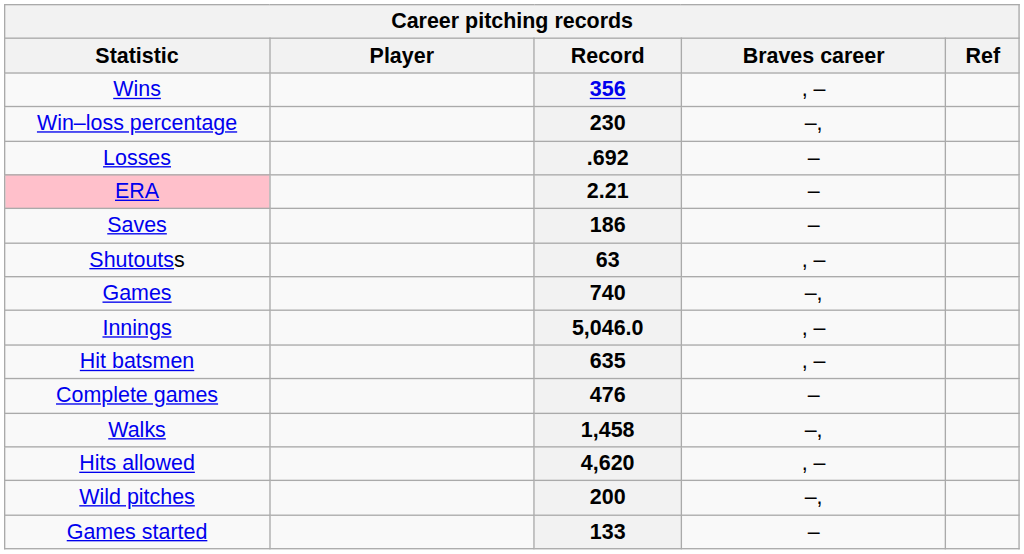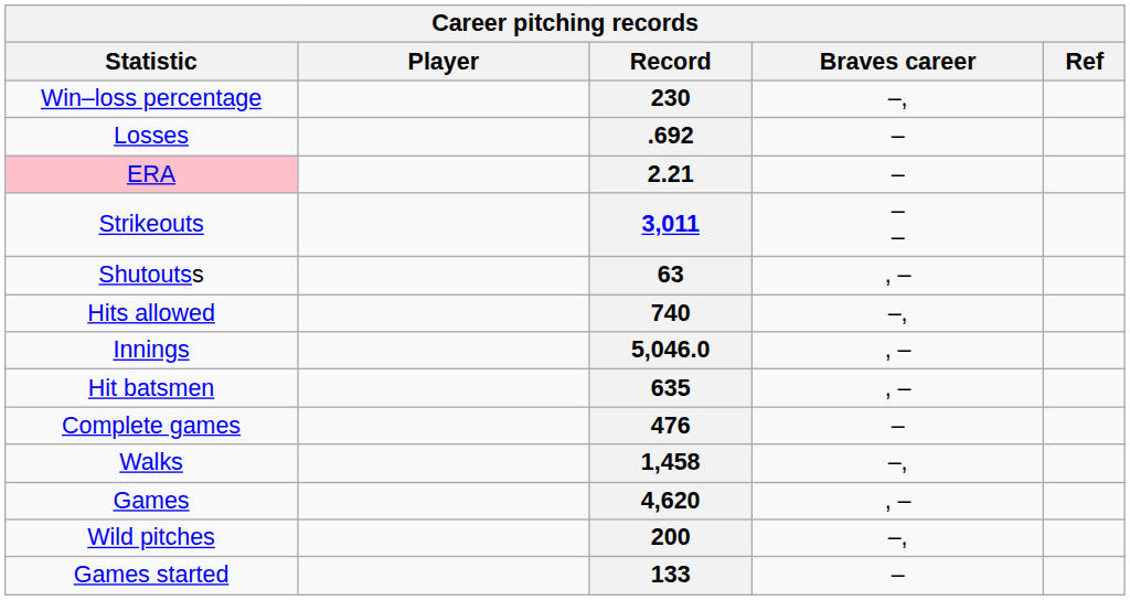 <table class="wikitable sortable" style="text-align:center" width="60%">
 <tr>
 <th colspan=5>Career pitching records</th>
 </tr>
 <tr>
 <th scope="col" width=18%>Statistic</th>
 <th scope="col" width=18%>Player</th>
 <th scope="col" width=10% class="unsortable">Record</th>
 <th scope="col" width=18%>Braves career</th>
 <th scope="col" width=5% class="unsortable">Ref</th>
-</tr>
-<tr>
-<td><a href='#'>Wins</a></td>
-<td></td>
-<th scope="row"><a href='#'>356</a></th>
-<td>, –</td>
-<td></td>
 </tr>
 <tr>
 <td><a href='#'>Win–loss percentage</a></td>
 <td></td>
 <th scope="row">230</th>
 <td>–, </td>
 <td></td>
 </tr>
 <tr>
 <td><a href='#'>Losses</a></td>
 <td></td>
 <th scope="row">.692</th>
 <td>–</td>
 <td></td>
 </tr>
 <tr>
 <td style="background: pink;"><a href='#'>ERA</a></td>
 <td></td>
 <th scope="row">2.21</th>
 <td>–</td>
 <td></td>
 </tr>
 <tr>
-<td><a href='#'>Saves</a></td>
+<td><a href='#'>Strikeouts</a></td>
 <td></td>
-<th scope="row">186</th>
-<td>–</td>
+<th scope="row"><a href='#'>3,011</a></th>
+<td>–<br>–</td>
 <td></td>
 </tr>
 <tr>
 <td><a href='#'>Shutouts</a>s</td>
 <td></td>
 <th scope="row">63</th>
 <td>, –</td>
 <td></td>
 </tr>
 <tr>
-<td><a href='#'>Games</a></td>
+<td><a href='#'>Hits allowed</a></td>
 <td></td>
 <th scope="row">740</th>
 <td>–, </td>
 <td></td>
 </tr>
 <tr>
 <td><a href='#'>Innings</a></td>
 <td></td>
 <th scope="row">5,046.0</th>
 <td>, –</td>
 <td></td>
 </tr>
 <tr>
 <td><a href='#'>Hit batsmen</a></td>
 <td></td>
 <th scope="row">635</th>
 <td>, –</td>
 <td></td>
 </tr>
 <tr>
 <td><a href='#'>Complete games</a></td>
 <td></td>
 <th scope="row">476</th>
 <td>–</td>
 <td></td>
 </tr>
 <tr>
 <td><a href='#'>Walks</a></td>
 <td></td>
 <th scope="row">1,458</th>
 <td>–, </td>
 <td></td>
 </tr>
 <tr>
-<td><a href='#'>Hits allowed</a></td>
+<td><a href='#'>Games</a></td>
 <td></td>
 <th scope="row">4,620</th>
 <td>, –</td>
 <td></td>
 </tr>
 <tr>
 <td><a href='#'>Wild pitches</a></td>
 <td></td>
 <th scope="row">200</th>
 <td>–, </td>
 <td></td>
 </tr>
 <tr>
 <td><a href='#'>Games started</a></td>
 <td></td>
 <th scope="row">133</th>
 <td>–</td>
 <td></td>
 </tr>
 </table>
